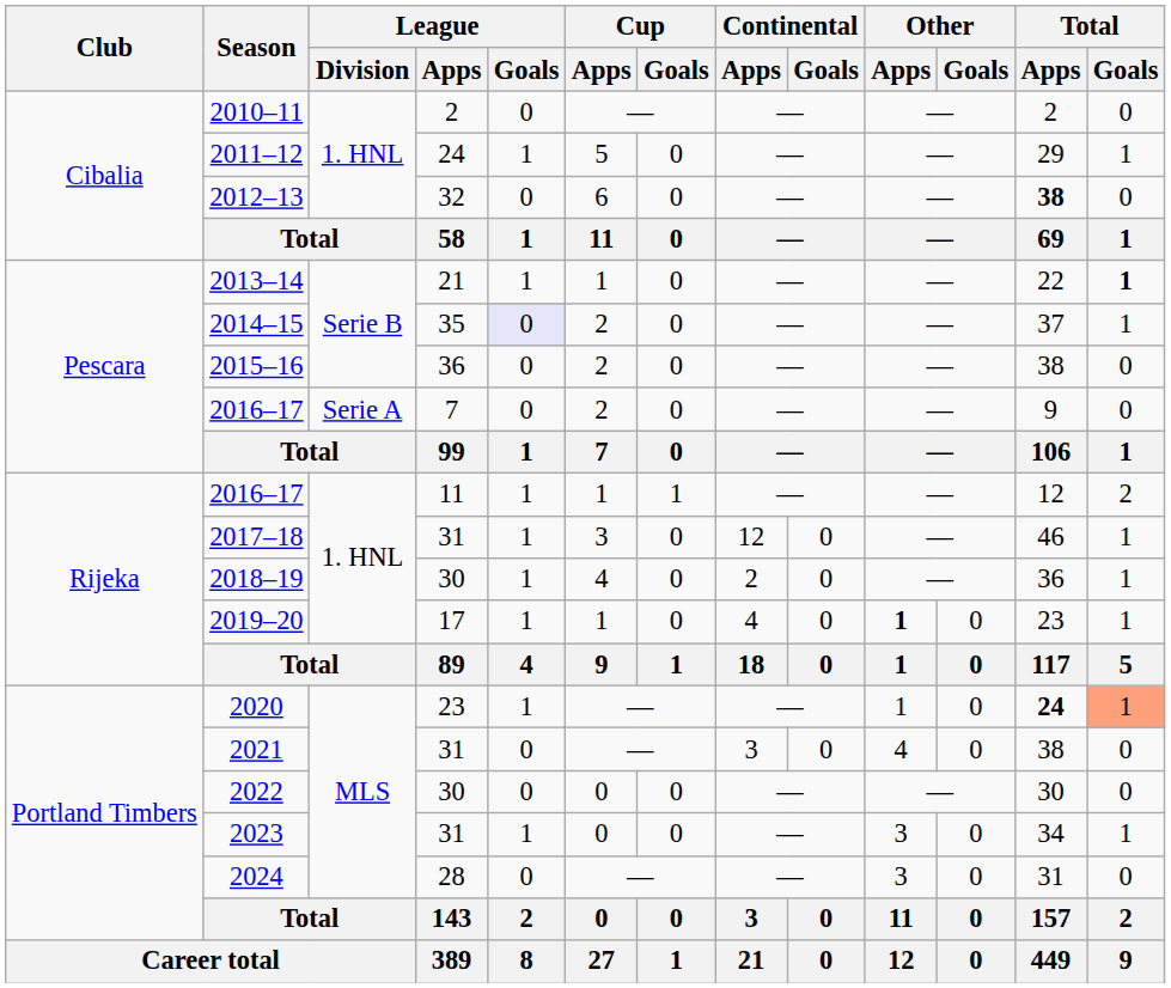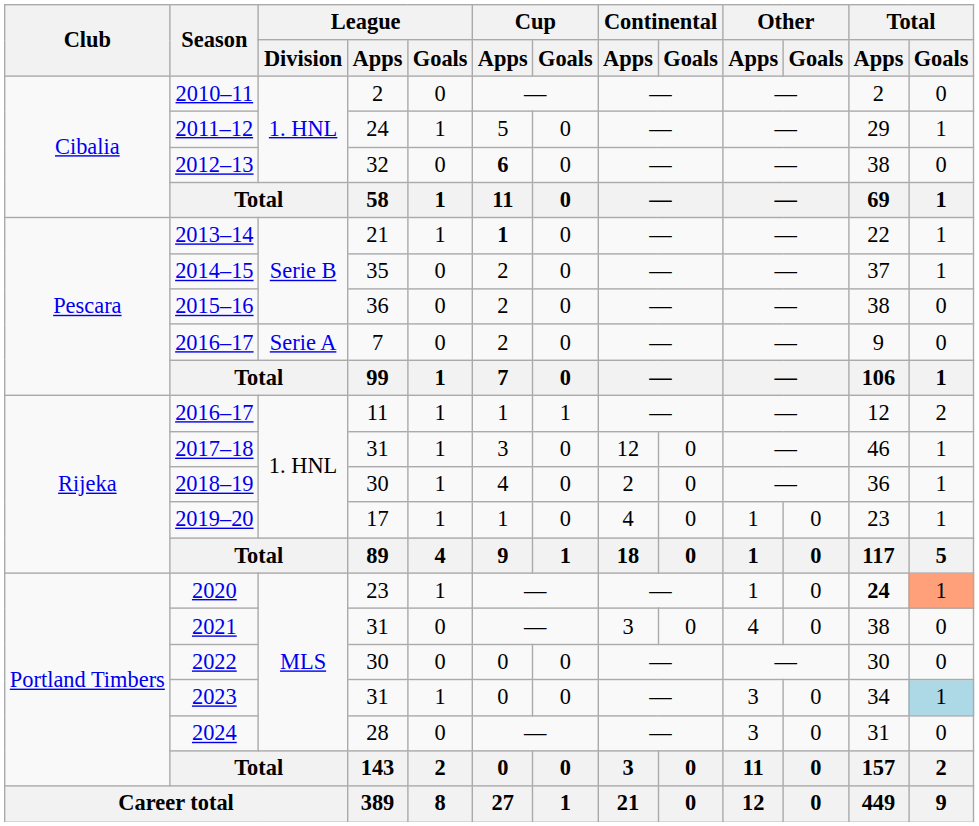 <table class="wikitable" style="text-align:center">
 <tr>
 <th rowspan="2">Club</th>
 <th rowspan="2">Season</th>
 <th colspan="3">League</th>
 <th colspan="2">Cup</th>
 <th colspan="2">Continental</th>
 <th colspan="2">Other</th>
 <th colspan="2">Total</th>
 </tr>
 <tr>
 <th>Division</th>
 <th>Apps</th>
 <th>Goals</th>
 <th>Apps</th>
 <th>Goals</th>
 <th>Apps</th>
 <th>Goals</th>
 <th>Apps</th>
 <th>Goals</th>
 <th>Apps</th>
 <th>Goals</th>
 </tr>
 <tr>
 <td rowspan="4" valign="center"><a href='#'>Cibalia</a></td>
 <td><a href='#'>2010–11</a></td>
 <td rowspan="3"><a href='#'>1. HNL</a></td>
 <td>2</td>
 <td>0</td>
 <td colspan="2">—</td>
 <td colspan="2">—</td>
 <td colspan="2">—</td>
 <td>2</td>
 <td>0</td>
 </tr>
 <tr>
 <td><a href='#'>2011–12</a></td>
 <td>24</td>
 <td>1</td>
 <td>5</td>
 <td>0</td>
 <td colspan="2">—</td>
 <td colspan="2">—</td>
 <td>29</td>
 <td>1</td>
 </tr>
 <tr>
 <td><a href='#'>2012–13</a></td>
 <td>32</td>
 <td>0</td>
-<td>6</td>
+<td><strong>6</strong></td>
 <td>0</td>
 <td colspan="2">—</td>
 <td colspan="2">—</td>
-<td><strong>38</strong></td>
+<td>38</td>
 <td>0</td>
 </tr>
 <tr>
 <th colspan=2>Total</th>
 <th>58</th>
 <th>1</th>
 <th>11</th>
 <th>0</th>
 <th colspan="2">—</th>
 <th colspan="2">—</th>
 <th>69</th>
 <th>1</th>
 </tr>
 <tr>
 <td rowspan="5" valign="center"><a href='#'>Pescara</a></td>
 <td><a href='#'>2013–14</a></td>
 <td rowspan="3"><a href='#'>Serie B</a></td>
 <td>21</td>
 <td>1</td>
-<td>1</td>
+<td><strong>1</strong></td>
 <td>0</td>
 <td colspan="2">—</td>
 <td colspan="2">—</td>
 <td>22</td>
-<td><strong>1</strong></td>
+<td>1</td>
 </tr>
 <tr>
 <td><a href='#'>2014–15</a></td>
 <td>35</td>
-<td style="background: lavender;">0</td>
+<td>0</td>
 <td>2</td>
 <td>0</td>
 <td colspan="2">—</td>
 <td colspan="2">—</td>
 <td>37</td>
 <td>1</td>
 </tr>
 <tr>
 <td><a href='#'>2015–16</a></td>
 <td>36</td>
 <td>0</td>
 <td>2</td>
 <td>0</td>
 <td colspan="2">—</td>
 <td colspan="2">—</td>
 <td>38</td>
 <td>0</td>
 </tr>
 <tr>
 <td><a href='#'>2016–17</a></td>
 <td rowspan="1"><a href='#'>Serie A</a></td>
 <td>7</td>
 <td>0</td>
 <td>2</td>
 <td>0</td>
 <td colspan="2">—</td>
 <td colspan="2">—</td>
 <td>9</td>
 <td>0</td>
 </tr>
 <tr>
 <th colspan=2>Total</th>
 <th>99</th>
 <th>1</th>
 <th>7</th>
 <th>0</th>
 <th colspan="2">—</th>
 <th colspan="2">—</th>
 <th>106</th>
 <th>1</th>
 </tr>
 <tr>
 <td rowspan="5" valign="center"><a href='#'>Rijeka</a></td>
 <td><a href='#'>2016–17</a></td>
 <td rowspan="4" valign="center">1. HNL</td>
 <td>11</td>
 <td>1</td>
 <td>1</td>
 <td>1</td>
 <td colspan="2">—</td>
 <td colspan="2">—</td>
 <td>12</td>
 <td>2</td>
 </tr>
 <tr>
 <td><a href='#'>2017–18</a></td>
 <td>31</td>
 <td>1</td>
 <td>3</td>
 <td>0</td>
 <td>12</td>
 <td>0</td>
 <td colspan="2">—</td>
 <td>46</td>
 <td>1</td>
 </tr>
 <tr>
 <td><a href='#'>2018–19</a></td>
 <td>30</td>
 <td>1</td>
 <td>4</td>
 <td>0</td>
 <td>2</td>
 <td>0</td>
 <td colspan="2">—</td>
 <td>36</td>
 <td>1</td>
 </tr>
 <tr>
 <td><a href='#'>2019–20</a></td>
 <td>17</td>
 <td>1</td>
 <td>1</td>
 <td>0</td>
 <td>4</td>
 <td>0</td>
-<td><strong>1</strong></td>
+<td>1</td>
 <td>0</td>
 <td>23</td>
 <td>1</td>
 </tr>
 <tr>
 <th colspan=2>Total</th>
 <th>89</th>
 <th>4</th>
 <th>9</th>
 <th>1</th>
 <th>18</th>
 <th>0</th>
 <th>1</th>
 <th>0</th>
 <th>117</th>
 <th>5</th>
 </tr>
 <tr>
 <td rowspan="6" valign="center"><a href='#'>Portland Timbers</a></td>
 <td><a href='#'>2020</a></td>
 <td rowspan="5"><a href='#'>MLS</a></td>
 <td>23</td>
 <td>1</td>
 <td colspan="2">—</td>
 <td colspan="2">—</td>
 <td>1</td>
 <td>0</td>
 <td><strong>24</strong></td>
 <td style="background: lightsalmon;">1</td>
 </tr>
 <tr>
 <td><a href='#'>2021</a></td>
 <td>31</td>
 <td>0</td>
 <td colspan="2">—</td>
 <td>3</td>
 <td>0</td>
 <td>4</td>
 <td>0</td>
 <td>38</td>
 <td>0</td>
 </tr>
 <tr>
 <td><a href='#'>2022</a></td>
 <td>30</td>
 <td>0</td>
 <td>0</td>
 <td>0</td>
 <td colspan="2">—</td>
 <td colspan="2">—</td>
 <td>30</td>
 <td>0</td>
 </tr>
 <tr>
 <td><a href='#'>2023</a></td>
 <td>31</td>
 <td>1</td>
 <td>0</td>
 <td>0</td>
 <td colspan="2">—</td>
 <td>3</td>
 <td>0</td>
 <td>34</td>
-<td>1</td>
+<td style="background: lightblue;">1</td>
 </tr>
 <tr>
 <td><a href='#'>2024</a></td>
 <td>28</td>
 <td>0</td>
 <td colspan="2">—</td>
 <td colspan="2">—</td>
 <td>3</td>
 <td>0</td>
 <td>31</td>
 <td>0</td>
 </tr>
 <tr>
 <th colspan=2>Total</th>
 <th>143</th>
 <th>2</th>
 <th>0</th>
 <th>0</th>
 <th>3</th>
 <th>0</th>
 <th>11</th>
 <th>0</th>
 <th>157</th>
 <th>2</th>
 </tr>
 <tr>
 <th colspan=3>Career total</th>
 <th>389</th>
 <th>8</th>
 <th>27</th>
 <th>1</th>
 <th>21</th>
 <th>0</th>
 <th>12</th>
 <th>0</th>
 <th>449</th>
 <th>9</th>
 </tr>
 </table>
